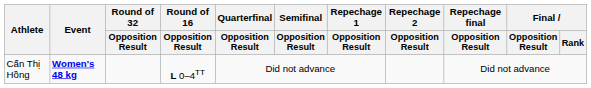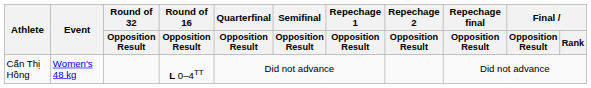 <table class=wikitable style=font-size:90%;text-align:center>
 <tr>
 <th rowspan="2">Athlete</th>
 <th rowspan="2">Event</th>
 <th>Round of 32</th>
 <th>Round of 16</th>
 <th>Quarterfinal</th>
 <th>Semifinal</th>
 <th>Repechage 1</th>
 <th>Repechage 2</th>
 <th>Repechage final</th>
 <th colspan=2>Final / </th>
 </tr>
 <tr style="font-size: 95%">
 <th>Opposition<br>Result</th>
 <th>Opposition<br>Result</th>
 <th>Opposition<br>Result</th>
 <th>Opposition<br>Result</th>
 <th>Opposition<br>Result</th>
 <th>Opposition<br>Result</th>
 <th>Opposition<br>Result</th>
 <th>Opposition<br>Result</th>
 <th>Rank</th>
 </tr>
 <tr>
 <td align=left>Cấn Thị Hồng</td>
-<td align=left><strong><a href='#'>Women's 48 kg</a></strong></td>
+<td align=left><a href='#'>Women's 48 kg</a></td>
 <td></td>
 <td><br><strong>L</strong> 0–4<sup>TT</sup></td>
 <td colspan=3>Did not advance</td>
 <td></td>
 <td colspan=3>Did not advance</td>
 </tr>
 </table>
